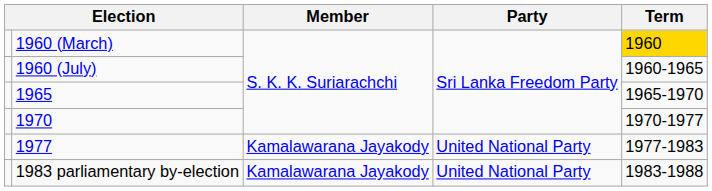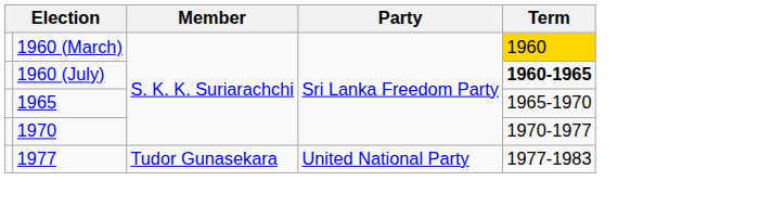 <table class="wikitable">
 <tr>
 <th colspan="2">Election</th>
 <th>Member</th>
 <th>Party</th>
 <th>Term</th>
 </tr>
 <tr>
 <td style="background-color: "></td>
 <td><a href='#'>1960 (March)</a></td>
 <td rowspan=4><a href='#'>S. K. K. Suriarachchi</a></td>
 <td rowspan=4><a href='#'>Sri Lanka Freedom Party</a></td>
 <td style="background: gold;">1960</td>
 </tr>
 <tr>
 <td style="background-color: "></td>
 <td><a href='#'>1960 (July)</a></td>
-<td>1960-1965</td>
+<td><strong>1960-1965</strong></td>
 </tr>
 <tr>
 <td style="background-color: "></td>
 <td><a href='#'>1965</a></td>
 <td>1965-1970</td>
 </tr>
 <tr>
 <td style="background-color: "></td>
 <td><a href='#'>1970</a></td>
 <td>1970-1977</td>
 </tr>
 <tr>
 <td style="background-color: "></td>
 <td><a href='#'>1977</a></td>
-<td><a href='#'>Kamalawarana Jayakody</a></td>
+<td><a href='#'>Tudor Gunasekara</a></td>
 <td><a href='#'>United National Party</a></td>
 <td>1977-1983</td>
 </tr>
-<tr>
-<td style="background-color: "></td>
-<td>1983 parliamentary by-election</td>
-<td><a href='#'>Kamalawarana Jayakody</a></td>
-<td><a href='#'>United National Party</a></td>
-<td>1983-1988</td>
-</tr>
 </table>
